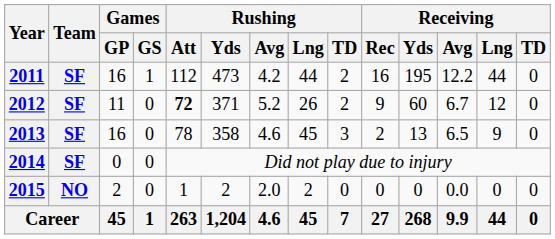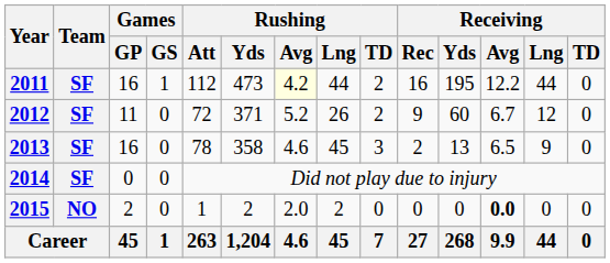 <table class="wikitable" style="text-align:center;">
 <tr>
 <th rowspan="2">Year</th>
 <th rowspan="2">Team</th>
 <th colspan="2">Games</th>
 <th colspan="5">Rushing</th>
 <th colspan="5">Receiving</th>
 </tr>
 <tr>
 <th>GP</th>
 <th>GS</th>
 <th>Att</th>
 <th>Yds</th>
 <th>Avg</th>
 <th>Lng</th>
 <th>TD</th>
 <th>Rec</th>
 <th>Yds</th>
 <th>Avg</th>
 <th>Lng</th>
 <th>TD</th>
 </tr>
 <tr>
 <th><a href='#'>2011</a></th>
 <th><a href='#'>SF</a></th>
 <td>16</td>
 <td>1</td>
 <td>112</td>
 <td>473</td>
-<td>4.2</td>
+<td style="background: lightyellow;">4.2</td>
 <td>44</td>
 <td>2</td>
 <td>16</td>
 <td>195</td>
 <td>12.2</td>
 <td>44</td>
 <td>0</td>
 </tr>
 <tr>
 <th><a href='#'>2012</a></th>
 <th><a href='#'>SF</a></th>
 <td>11</td>
 <td>0</td>
-<td><strong>72</strong></td>
+<td>72</td>
 <td>371</td>
 <td>5.2</td>
 <td>26</td>
 <td>2</td>
 <td>9</td>
 <td>60</td>
 <td>6.7</td>
 <td>12</td>
 <td>0</td>
 </tr>
 <tr>
 <th><a href='#'>2013</a></th>
 <th><a href='#'>SF</a></th>
 <td>16</td>
 <td>0</td>
 <td>78</td>
 <td>358</td>
 <td>4.6</td>
 <td>45</td>
 <td>3</td>
 <td>2</td>
 <td>13</td>
 <td>6.5</td>
 <td>9</td>
 <td>0</td>
 </tr>
 <tr>
 <th><a href='#'>2014</a></th>
 <th><a href='#'>SF</a></th>
 <td>0</td>
 <td>0</td>
 <td colspan="10"><em>Did not play due to injury</em></td>
 </tr>
 <tr>
 <th><a href='#'>2015</a></th>
 <th><a href='#'>NO</a></th>
 <td>2</td>
 <td>0</td>
 <td>1</td>
 <td>2</td>
 <td>2.0</td>
 <td>2</td>
 <td>0</td>
 <td>0</td>
 <td>0</td>
-<td>0.0</td>
+<td><strong>0.0</strong></td>
 <td>0</td>
 <td>0</td>
 </tr>
 <tr>
 <th colspan="2">Career</th>
 <th>45</th>
 <th>1</th>
 <th>263</th>
 <th>1,204</th>
 <th>4.6</th>
 <th>45</th>
 <th>7</th>
 <th>27</th>
 <th>268</th>
 <th>9.9</th>
 <th>44</th>
 <th>0</th>
 </tr>
 </table>
